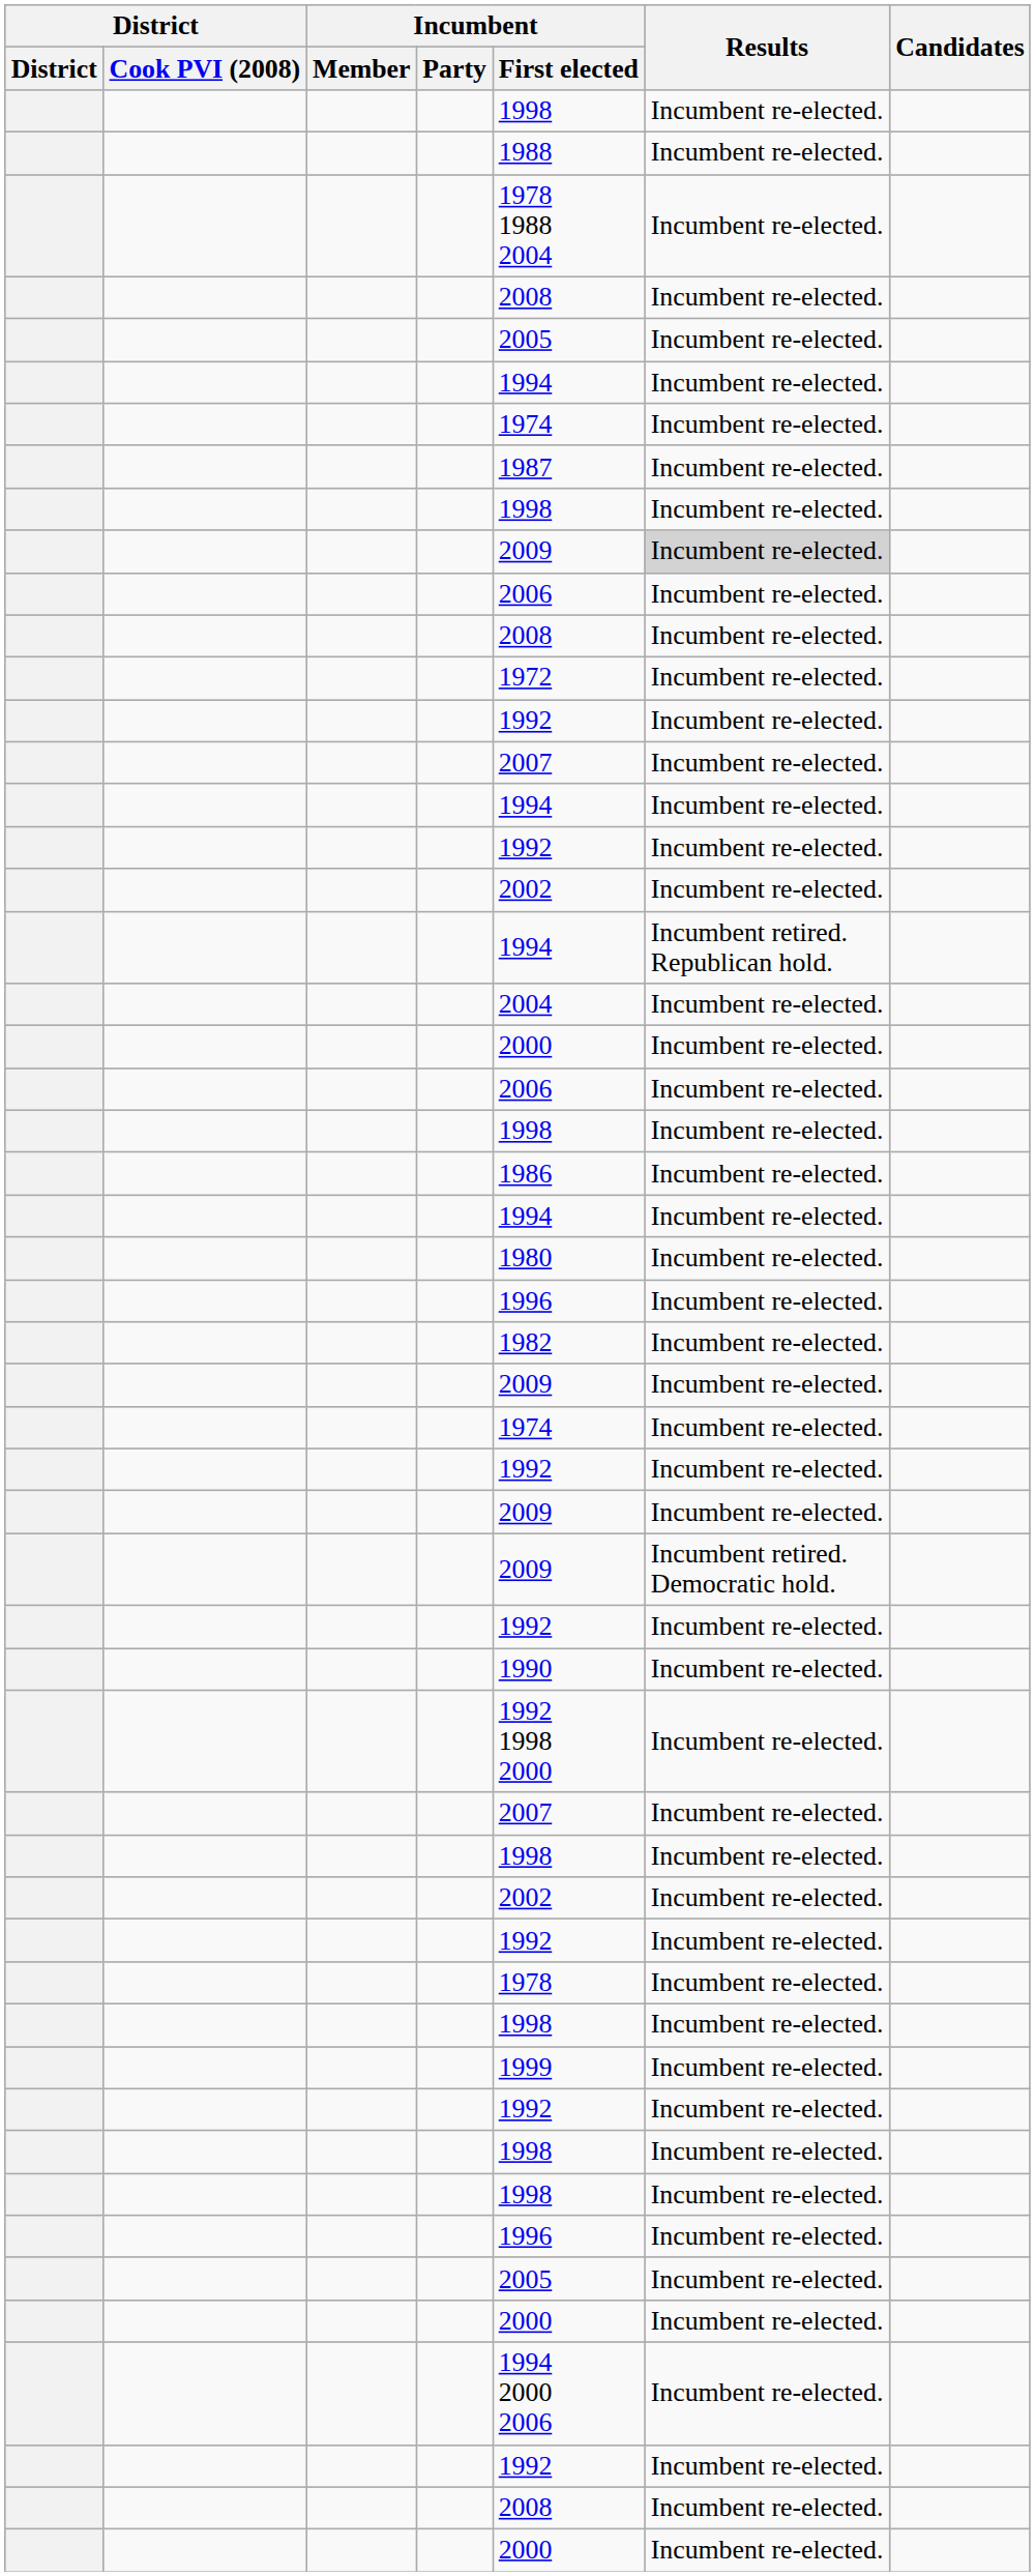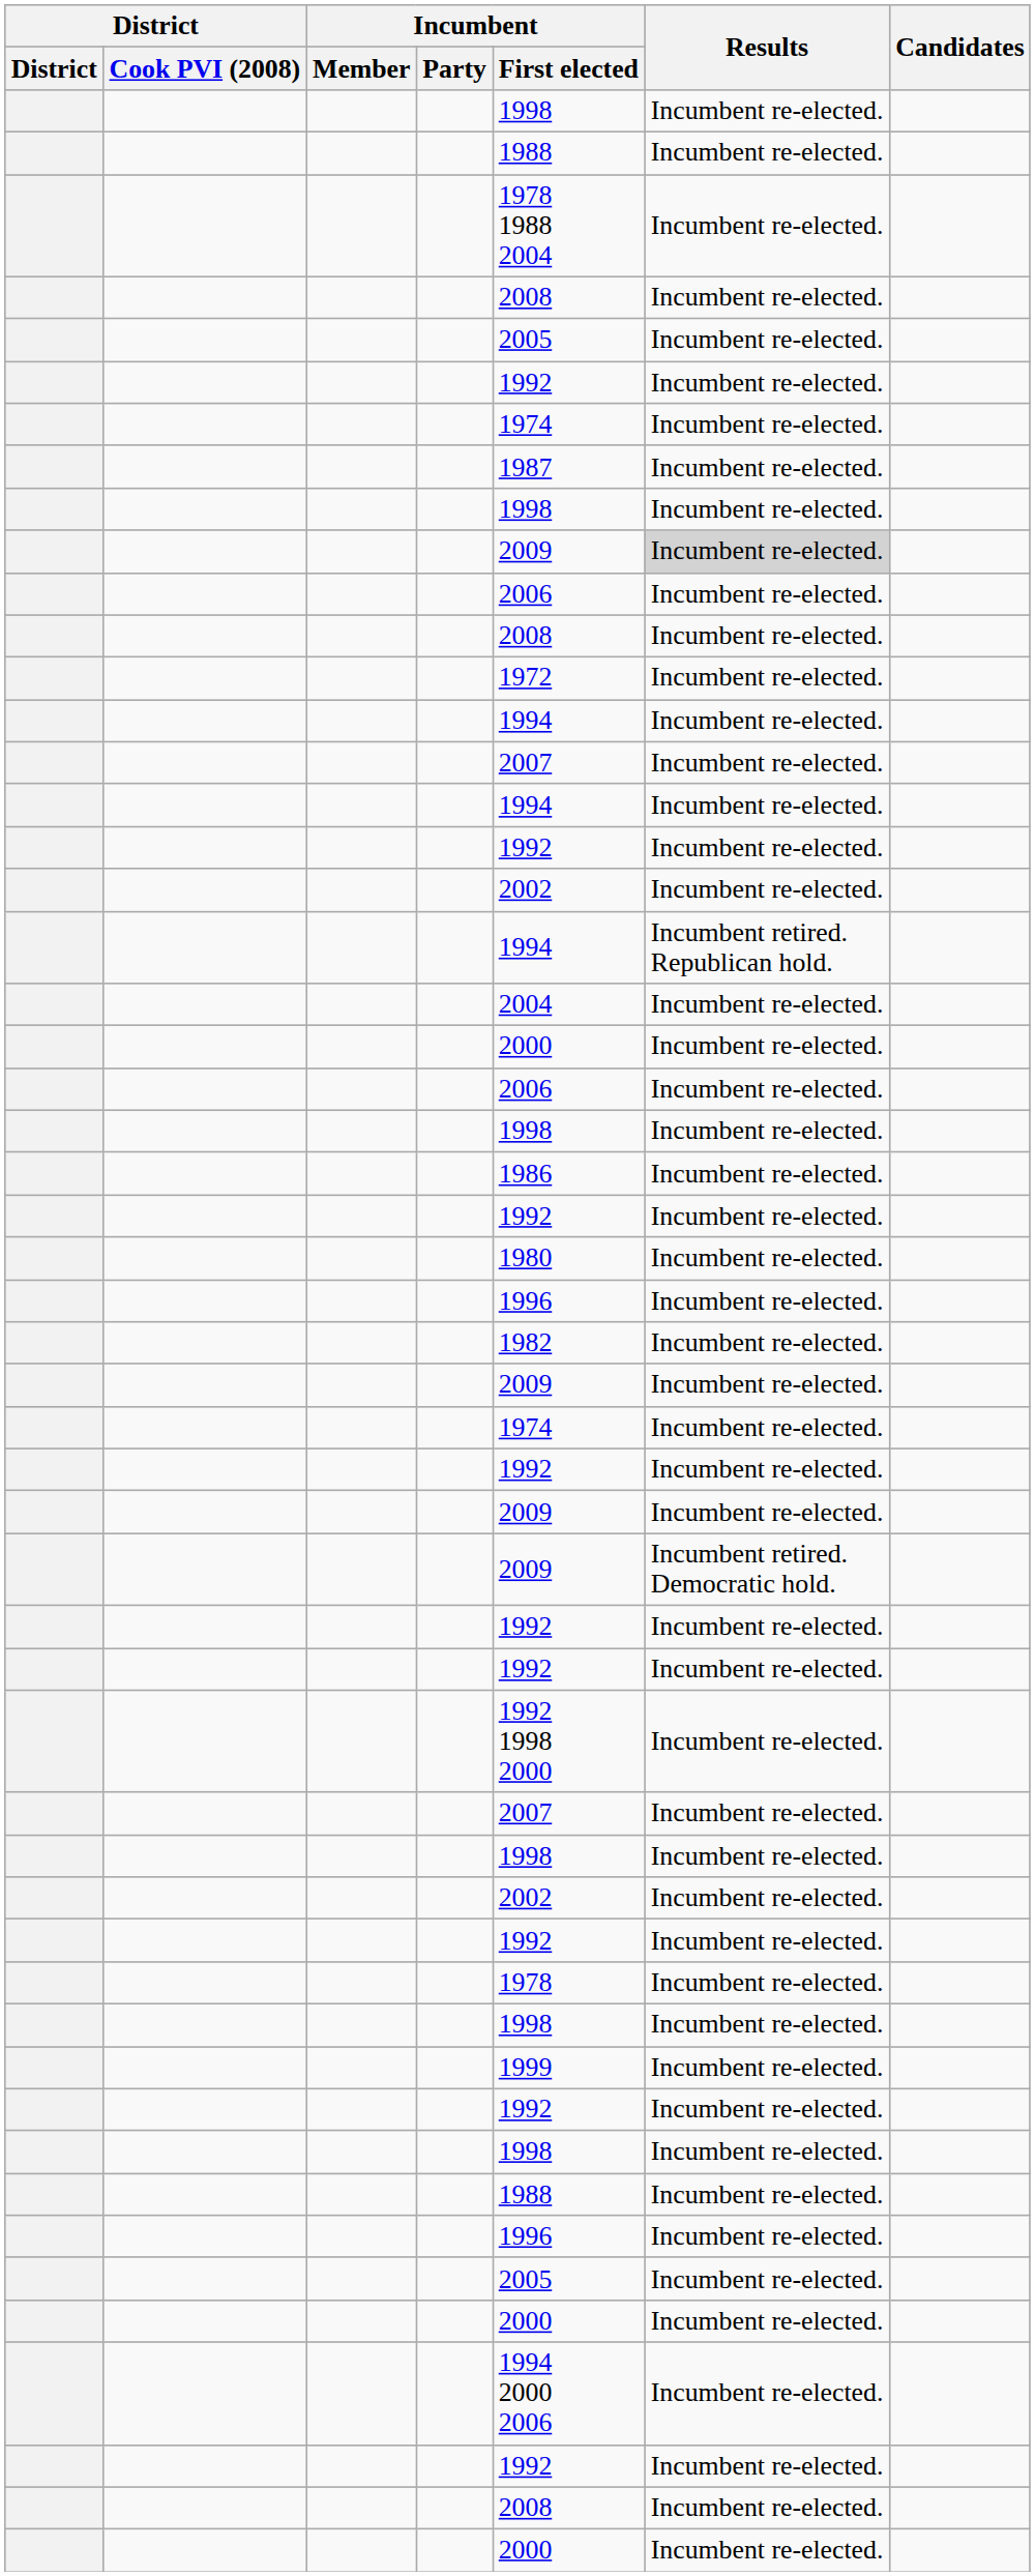 <table class="wikitable sortable">
 <tr>
 <th colspan=2>District</th>
 <th colspan=3>Incumbent</th>
 <th rowspan=2>Results</th>
 <th rowspan=2>Candidates</th>
 </tr>
 <tr valign=bottom>
 <th>District</th>
 <th><a href='#'>Cook PVI</a> (2008)</th>
 <th>Member</th>
 <th>Party</th>
 <th>First elected</th>
 </tr>
 <tr>
 <th></th>
 <td></td>
 <td></td>
 <td></td>
 <td><a href='#'>1998</a></td>
 <td>Incumbent re-elected.</td>
 <td nowrap></td>
 </tr>
 <tr>
 <th></th>
 <td></td>
 <td></td>
 <td></td>
 <td><a href='#'>1988</a></td>
 <td>Incumbent re-elected.</td>
 <td nowrap></td>
 </tr>
 <tr>
 <th></th>
 <td></td>
 <td></td>
 <td></td>
 <td><a href='#'>1978</a><br>1988 <br><a href='#'>2004</a></td>
 <td>Incumbent re-elected.</td>
 <td nowrap></td>
 </tr>
 <tr>
 <th></th>
 <td></td>
 <td></td>
 <td></td>
 <td><a href='#'>2008</a></td>
 <td>Incumbent re-elected.</td>
 <td nowrap></td>
 </tr>
 <tr>
 <th></th>
 <td></td>
 <td></td>
 <td></td>
 <td><a href='#'>2005 </a></td>
 <td>Incumbent re-elected.</td>
 <td nowrap></td>
 </tr>
 <tr>
 <th></th>
 <td></td>
 <td></td>
 <td></td>
-<td><a href='#'>1994</a></td>
+<td><a href='#'>1992</a></td>
 <td>Incumbent re-elected.</td>
 <td nowrap></td>
 </tr>
 <tr>
 <th></th>
 <td></td>
 <td></td>
 <td></td>
 <td><a href='#'>1974</a></td>
 <td>Incumbent re-elected.</td>
 <td nowrap></td>
 </tr>
 <tr>
 <th></th>
 <td></td>
 <td></td>
 <td></td>
 <td><a href='#'>1987 </a></td>
 <td>Incumbent re-elected.</td>
 <td nowrap></td>
 </tr>
 <tr>
 <th></th>
 <td></td>
 <td></td>
 <td></td>
 <td><a href='#'>1998</a></td>
 <td>Incumbent re-elected.</td>
 <td nowrap></td>
 </tr>
 <tr>
 <th></th>
 <td></td>
 <td></td>
 <td></td>
 <td><a href='#'>2009 </a></td>
 <td style="background: lightgrey;">Incumbent re-elected.</td>
 <td nowrap></td>
 </tr>
 <tr>
 <th></th>
 <td></td>
 <td></td>
 <td></td>
 <td><a href='#'>2006</a></td>
 <td>Incumbent re-elected.</td>
 <td nowrap></td>
 </tr>
 <tr>
 <th></th>
 <td></td>
 <td></td>
 <td></td>
 <td><a href='#'>2008</a></td>
 <td>Incumbent re-elected.</td>
 <td nowrap></td>
 </tr>
 <tr>
 <th></th>
 <td></td>
 <td></td>
 <td></td>
 <td><a href='#'>1972</a></td>
 <td>Incumbent re-elected.</td>
 <td nowrap></td>
 </tr>
 <tr>
 <th></th>
 <td></td>
 <td></td>
 <td></td>
-<td><a href='#'>1992</a></td>
+<td><a href='#'>1994</a></td>
 <td>Incumbent re-elected.</td>
 <td nowrap></td>
 </tr>
 <tr>
 <th></th>
 <td></td>
 <td></td>
 <td></td>
 <td><a href='#'>2007</a></td>
 <td>Incumbent re-elected.</td>
 <td nowrap></td>
 </tr>
 <tr>
 <th></th>
 <td></td>
 <td></td>
 <td></td>
 <td><a href='#'>1994</a></td>
 <td>Incumbent re-elected.</td>
 <td nowrap></td>
 </tr>
 <tr>
 <th></th>
 <td></td>
 <td></td>
 <td></td>
 <td><a href='#'>1992</a></td>
 <td>Incumbent re-elected.</td>
 <td nowrap></td>
 </tr>
 <tr>
 <th></th>
 <td></td>
 <td></td>
 <td></td>
 <td><a href='#'>2002</a></td>
 <td>Incumbent re-elected.</td>
 <td nowrap></td>
 </tr>
 <tr>
 <th></th>
 <td></td>
 <td></td>
 <td></td>
 <td><a href='#'>1994</a></td>
 <td>Incumbent retired.<br>Republican hold.</td>
 <td nowrap></td>
 </tr>
 <tr>
 <th></th>
 <td></td>
 <td></td>
 <td></td>
 <td><a href='#'>2004</a></td>
 <td>Incumbent re-elected.</td>
 <td nowrap></td>
 </tr>
 <tr>
 <th></th>
 <td></td>
 <td></td>
 <td></td>
 <td><a href='#'>2000</a></td>
 <td>Incumbent re-elected.</td>
 <td nowrap></td>
 </tr>
 <tr>
 <th></th>
 <td></td>
 <td></td>
 <td></td>
 <td><a href='#'>2006</a></td>
 <td>Incumbent re-elected.</td>
 <td nowrap></td>
 </tr>
 <tr>
 <th></th>
 <td></td>
 <td></td>
 <td></td>
 <td><a href='#'>1998</a></td>
 <td>Incumbent re-elected.</td>
 <td nowrap></td>
 </tr>
 <tr>
 <th></th>
 <td></td>
 <td></td>
 <td></td>
 <td><a href='#'>1986</a></td>
 <td>Incumbent re-elected.</td>
 <td nowrap></td>
 </tr>
 <tr>
 <th></th>
 <td></td>
 <td></td>
 <td></td>
-<td><a href='#'>1994</a></td>
+<td><a href='#'>1992</a></td>
 <td>Incumbent re-elected.</td>
 <td nowrap></td>
 </tr>
 <tr>
 <th></th>
 <td></td>
 <td></td>
 <td></td>
 <td><a href='#'>1980</a></td>
 <td>Incumbent re-elected.</td>
 <td nowrap></td>
 </tr>
 <tr>
 <th></th>
 <td></td>
 <td></td>
 <td></td>
 <td><a href='#'>1996</a></td>
 <td>Incumbent re-elected.</td>
 <td nowrap></td>
 </tr>
 <tr>
 <th></th>
 <td></td>
 <td></td>
 <td></td>
 <td><a href='#'>1982</a></td>
 <td>Incumbent re-elected.</td>
 <td nowrap></td>
 </tr>
 <tr>
 <th></th>
 <td></td>
 <td></td>
 <td></td>
 <td><a href='#'>2009</a></td>
 <td>Incumbent re-elected.</td>
 <td nowrap></td>
 </tr>
 <tr>
 <th></th>
 <td></td>
 <td></td>
 <td></td>
 <td><a href='#'>1974</a></td>
 <td>Incumbent re-elected.</td>
 <td nowrap></td>
 </tr>
 <tr>
 <th></th>
 <td></td>
 <td></td>
 <td></td>
 <td><a href='#'>1992</a></td>
 <td>Incumbent re-elected.</td>
 <td nowrap></td>
 </tr>
 <tr>
 <th></th>
 <td></td>
 <td></td>
 <td></td>
 <td><a href='#'>2009 </a></td>
 <td>Incumbent re-elected.</td>
 <td nowrap></td>
 </tr>
 <tr>
 <th></th>
 <td></td>
 <td></td>
 <td></td>
 <td><a href='#'>2009 </a></td>
 <td>Incumbent retired.<br>Democratic hold.</td>
 <td nowrap></td>
 </tr>
 <tr>
 <th></th>
 <td></td>
 <td></td>
 <td></td>
 <td><a href='#'>1992</a></td>
 <td>Incumbent re-elected.</td>
 <td nowrap></td>
 </tr>
 <tr>
 <th></th>
 <td></td>
 <td></td>
 <td></td>
-<td><a href='#'>1990</a></td>
+<td><a href='#'>1992</a></td>
 <td>Incumbent re-elected.</td>
 <td nowrap></td>
 </tr>
 <tr>
 <th></th>
 <td></td>
 <td></td>
 <td></td>
 <td><a href='#'>1992</a><br>1998 <br><a href='#'>2000</a></td>
 <td>Incumbent re-elected.</td>
 <td nowrap></td>
 </tr>
 <tr>
 <th></th>
 <td></td>
 <td></td>
 <td></td>
 <td><a href='#'>2007 </a></td>
 <td>Incumbent re-elected.</td>
 <td nowrap></td>
 </tr>
 <tr>
 <th></th>
 <td></td>
 <td></td>
 <td></td>
 <td><a href='#'>1998</a></td>
 <td>Incumbent re-elected.</td>
 <td nowrap></td>
 </tr>
 <tr>
 <th></th>
 <td></td>
 <td></td>
 <td></td>
 <td><a href='#'>2002</a></td>
 <td>Incumbent re-elected.</td>
 <td nowrap></td>
 </tr>
 <tr>
 <th></th>
 <td></td>
 <td></td>
 <td></td>
 <td><a href='#'>1992</a></td>
 <td>Incumbent re-elected.</td>
 <td nowrap></td>
 </tr>
 <tr>
 <th></th>
 <td></td>
 <td></td>
 <td></td>
 <td><a href='#'>1978</a></td>
 <td>Incumbent re-elected.</td>
 <td nowrap></td>
 </tr>
 <tr>
 <th></th>
 <td></td>
 <td></td>
 <td></td>
 <td><a href='#'>1998</a></td>
 <td>Incumbent re-elected.</td>
 <td nowrap></td>
 </tr>
 <tr>
 <th></th>
 <td></td>
 <td></td>
 <td></td>
 <td><a href='#'>1999 </a></td>
 <td>Incumbent re-elected.</td>
 <td nowrap></td>
 </tr>
 <tr>
 <th></th>
 <td></td>
 <td></td>
 <td></td>
 <td><a href='#'>1992</a></td>
 <td>Incumbent re-elected.</td>
 <td nowrap></td>
 </tr>
 <tr>
 <th></th>
 <td></td>
 <td></td>
 <td></td>
 <td><a href='#'>1998</a></td>
 <td>Incumbent re-elected.</td>
 <td nowrap></td>
 </tr>
 <tr>
 <th></th>
 <td></td>
 <td></td>
 <td></td>
-<td><a href='#'>1998</a></td>
+<td><a href='#'>1988</a></td>
 <td>Incumbent re-elected.</td>
 <td nowrap></td>
 </tr>
 <tr>
 <th></th>
 <td></td>
 <td></td>
 <td></td>
 <td><a href='#'>1996</a></td>
 <td>Incumbent re-elected.</td>
 <td nowrap></td>
 </tr>
 <tr>
 <th></th>
 <td></td>
 <td></td>
 <td></td>
 <td><a href='#'>2005 </a></td>
 <td>Incumbent re-elected.</td>
 <td nowrap></td>
 </tr>
 <tr>
 <th></th>
 <td></td>
 <td></td>
 <td></td>
 <td><a href='#'>2000</a></td>
 <td>Incumbent re-elected.</td>
 <td nowrap></td>
 </tr>
 <tr>
 <th></th>
 <td></td>
 <td></td>
 <td></td>
 <td><a href='#'>1994</a><br>2000 <br><a href='#'>2006 </a></td>
 <td>Incumbent re-elected.</td>
 <td nowrap></td>
 </tr>
 <tr>
 <th></th>
 <td></td>
 <td></td>
 <td></td>
 <td><a href='#'>1992</a></td>
 <td>Incumbent re-elected.</td>
 <td nowrap></td>
 </tr>
 <tr>
 <th></th>
 <td></td>
 <td></td>
 <td></td>
 <td><a href='#'>2008</a></td>
 <td>Incumbent re-elected.</td>
 <td nowrap></td>
 </tr>
 <tr>
 <th></th>
 <td></td>
 <td></td>
 <td></td>
 <td><a href='#'>2000</a></td>
 <td>Incumbent re-elected.</td>
 <td nowrap></td>
 </tr>
 </table>
